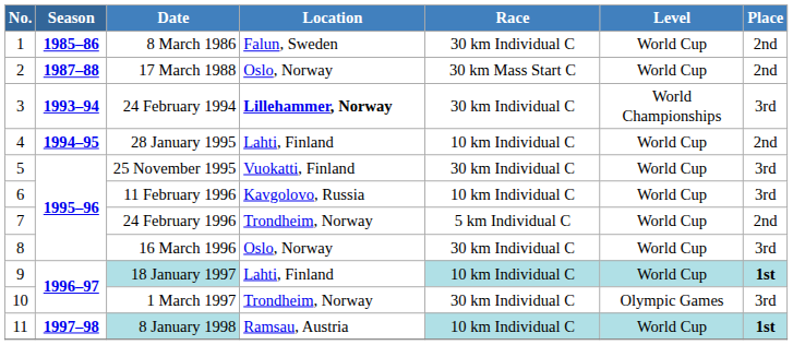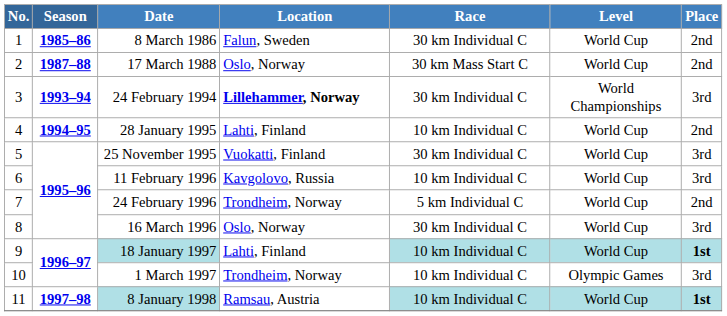 <table class="wikitable sortable" style="font-size:95%; text-align:center; border:grey solid 1px; border-collapse:collapse; background:#ffffff;">
 <tr style="background:#efefef;">
 <th style="background-color:#369; color:white;">No.</th>
 <th style="background-color:#369; color:white;">Season</th>
 <th style="background-color:#4180be; color:white; width:120px;">Date</th>
 <th style="background-color:#4180be; color:white; width:170px;">Location</th>
 <th style="background-color:#4180be; color:white; width:160px;">Race</th>
 <th style="background-color:#4180be; color:white; width:130px;">Level</th>
 <th style="background-color:#4180be; color:white;">Place</th>
 </tr>
 <tr>
 <td align=center>1</td>
 <td rowspan=1 align=center><strong> <a href='#'>1985–86</a> </strong></td>
 <td align=right>8 March 1986</td>
 <td align=left> <a href='#'>Falun</a>, Sweden</td>
 <td>30 km Individual C</td>
 <td>World Cup</td>
 <td>2nd</td>
 </tr>
 <tr>
 <td align=center>2</td>
 <td rowspan=1 align=center><strong> <a href='#'>1987–88</a> </strong></td>
 <td align=right>17 March 1988</td>
 <td align=left> <a href='#'>Oslo</a>, Norway</td>
 <td>30 km Mass Start C</td>
 <td>World Cup</td>
 <td>2nd</td>
 </tr>
 <tr>
 <td align=center>3</td>
 <td rowspan=1 align=center><strong> <a href='#'>1993–94</a> </strong></td>
 <td align=right>24 February 1994</td>
 <td align=left><strong> <a href='#'>Lillehammer</a>, Norway</strong></td>
 <td>30 km Individual C</td>
 <td>World Championships</td>
 <td>3rd</td>
 </tr>
 <tr>
 <td align=center>4</td>
 <td rowspan=1 align=center><strong> <a href='#'>1994–95</a> </strong></td>
 <td align=right>28 January 1995</td>
 <td align=left> <a href='#'>Lahti</a>, Finland</td>
 <td>10 km Individual C</td>
 <td>World Cup</td>
 <td>2nd</td>
 </tr>
 <tr>
 <td align=center>5</td>
 <td rowspan=4 align=center><strong> <a href='#'>1995–96</a> </strong></td>
 <td align=right>25 November 1995</td>
 <td align=left> <a href='#'>Vuokatti</a>, Finland</td>
 <td>30 km Individual C</td>
 <td>World Cup</td>
 <td>3rd</td>
 </tr>
 <tr>
 <td align=center>6</td>
 <td align=right>11 February 1996</td>
 <td align=left> <a href='#'>Kavgolovo</a>, Russia</td>
 <td>10 km Individual C</td>
 <td>World Cup</td>
 <td>3rd</td>
 </tr>
 <tr>
 <td align=center>7</td>
 <td align=right>24 February 1996</td>
 <td align=left> <a href='#'>Trondheim</a>, Norway</td>
 <td>5 km Individual C</td>
 <td>World Cup</td>
 <td>2nd</td>
 </tr>
 <tr>
 <td align=center>8</td>
 <td align=right>16 March 1996</td>
 <td align=left>  <a href='#'>Oslo</a>, Norway</td>
 <td>30 km Individual C</td>
 <td>World Cup</td>
 <td>3rd</td>
 </tr>
 <tr>
 <td align=center>9</td>
 <td rowspan=2 align=center><strong><a href='#'>1996–97</a></strong></td>
 <td bgcolor="#BOEOE6" align=right>18 January 1997</td>
 <td align=left> <a href='#'>Lahti</a>, Finland</td>
 <td bgcolor="#BOEOE6">10 km Individual C</td>
 <td bgcolor="#BOEOE6">World Cup</td>
 <td bgcolor="#BOEOE6"><strong>1st</strong></td>
 </tr>
 <tr>
 <td align=center>10</td>
 <td align=right>1 March 1997</td>
 <td align=left> <a href='#'>Trondheim</a>, Norway</td>
-<td>30 km Individual C</td>
+<td>10 km Individual C</td>
 <td>Olympic Games</td>
 <td>3rd</td>
 </tr>
 <tr>
 <td align=center>11</td>
 <td rowspan=1 align=center><strong><a href='#'>1997–98</a></strong></td>
 <td bgcolor="#BOEOE6" align=right>8 January 1998</td>
 <td align=left> <a href='#'>Ramsau</a>, Austria</td>
 <td bgcolor="#BOEOE6">10 km Individual C</td>
 <td bgcolor="#BOEOE6">World Cup</td>
 <td bgcolor="#BOEOE6"><strong>1st</strong></td>
 </tr>
 <tr>
 </tr>
 </table>
